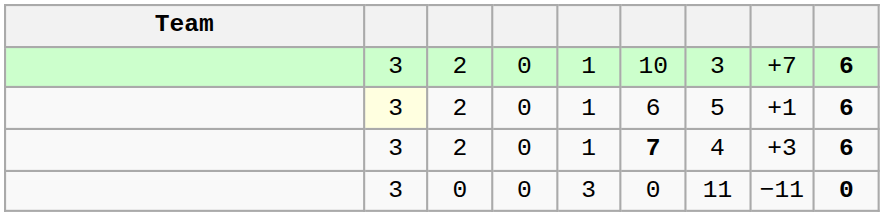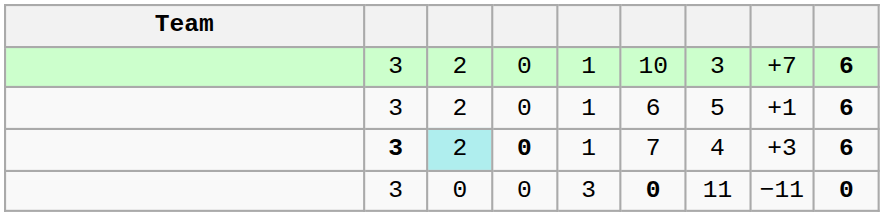 <table class="wikitable" style="text-align: center; font-size: 90%;">
 <tr>
 <th width=165>Team</th>
 <th width=25></th>
 <th width=25></th>
 <th width=25></th>
 <th width=25></th>
 <th width=25></th>
 <th width=25></th>
 <th width=25></th>
 <th width=25></th>
 </tr>
 <tr style="background:#cfc;">
 <td align="left"></td>
 <td>3</td>
 <td>2</td>
 <td>0</td>
 <td>1</td>
 <td>10</td>
 <td>3</td>
 <td>+7</td>
 <td><strong>6</strong></td>
 </tr>
 <tr>
 <td align="left"></td>
-<td style="background: lightyellow;">3</td>
+<td>3</td>
 <td>2</td>
 <td>0</td>
 <td>1</td>
 <td>6</td>
 <td>5</td>
 <td>+1</td>
 <td><strong>6</strong></td>
 </tr>
 <tr>
 <td align="left"><em></em></td>
-<td>3</td>
-<td>2</td>
-<td>0</td>
+<td><strong>3</strong></td>
+<td style="background: paleturquoise;">2</td>
+<td><strong>0</strong></td>
 <td>1</td>
-<td><strong>7</strong></td>
+<td>7</td>
 <td>4</td>
 <td>+3</td>
 <td><strong>6</strong></td>
 </tr>
 <tr>
 <td align="left"></td>
 <td>3</td>
 <td>0</td>
 <td>0</td>
 <td>3</td>
-<td>0</td>
+<td><strong>0</strong></td>
 <td>11</td>
 <td>−11</td>
 <td><strong>0</strong></td>
 </tr>
 </table>
